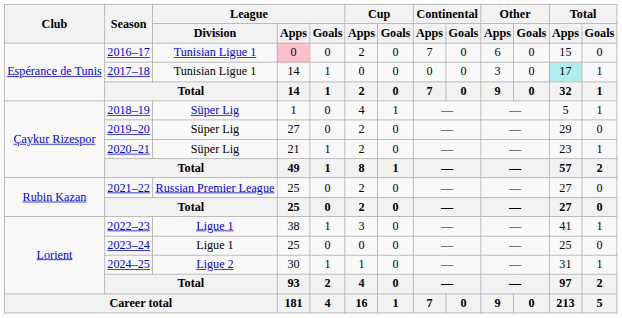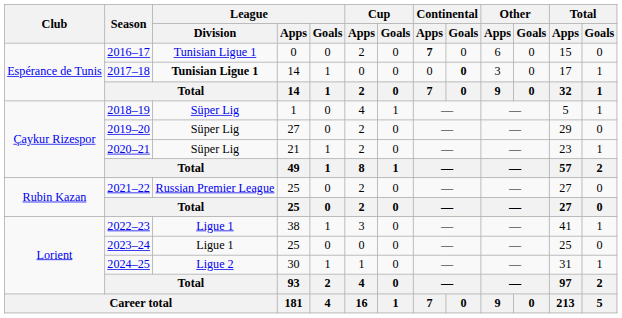 <table class="wikitable" style="text-align:center">
 <tr>
 <th rowspan="2">Club</th>
 <th rowspan="2">Season</th>
 <th colspan="3">League</th>
 <th colspan="2">Cup</th>
 <th colspan="2">Continental</th>
 <th colspan="2">Other</th>
 <th colspan="2">Total</th>
 </tr>
 <tr>
 <th>Division</th>
 <th>Apps</th>
 <th>Goals</th>
 <th>Apps</th>
 <th>Goals</th>
 <th>Apps</th>
 <th>Goals</th>
 <th>Apps</th>
 <th>Goals</th>
 <th>Apps</th>
 <th>Goals</th>
 </tr>
 <tr>
 <td rowspan="3"><a href='#'>Espérance de Tunis</a></td>
 <td><a href='#'>2016–17</a></td>
 <td><a href='#'>Tunisian Ligue 1</a></td>
-<td style="background: pink;">0</td>
+<td>0</td>
 <td>0</td>
 <td>2</td>
 <td>0</td>
-<td>7</td>
+<td><strong>7</strong></td>
 <td>0</td>
 <td>6</td>
 <td>0</td>
 <td>15</td>
 <td>0</td>
 </tr>
 <tr>
 <td><a href='#'>2017–18</a></td>
-<td>Tunisian Ligue 1</td>
+<td><strong>Tunisian Ligue 1</strong></td>
 <td>14</td>
 <td>1</td>
 <td>0</td>
 <td>0</td>
 <td>0</td>
-<td>0</td>
+<td><strong>0</strong></td>
 <td>3</td>
 <td>0</td>
-<td style="background: paleturquoise;">17</td>
+<td>17</td>
 <td>1</td>
 </tr>
 <tr>
 <th colspan="2">Total</th>
 <th>14</th>
 <th>1</th>
 <th>2</th>
 <th>0</th>
 <th>7</th>
 <th>0</th>
 <th>9</th>
 <th>0</th>
 <th>32</th>
 <th>1</th>
 </tr>
 <tr>
 <td rowspan="4"><a href='#'>Çaykur Rizespor</a></td>
 <td><a href='#'>2018–19</a></td>
 <td><a href='#'>Süper Lig</a></td>
 <td>1</td>
 <td>0</td>
 <td>4</td>
 <td>1</td>
 <td colspan="2">—</td>
 <td colspan="2">—</td>
 <td>5</td>
 <td>1</td>
 </tr>
 <tr>
 <td><a href='#'>2019–20</a></td>
 <td>Süper Lig</td>
 <td>27</td>
 <td>0</td>
 <td>2</td>
 <td>0</td>
 <td colspan="2">—</td>
 <td colspan="2">—</td>
 <td>29</td>
 <td>0</td>
 </tr>
 <tr>
 <td><a href='#'>2020–21</a></td>
 <td>Süper Lig</td>
 <td>21</td>
 <td>1</td>
 <td>2</td>
 <td>0</td>
 <td colspan="2">—</td>
 <td colspan="2">—</td>
 <td>23</td>
 <td>1</td>
 </tr>
 <tr>
 <th colspan="2">Total</th>
 <th>49</th>
 <th>1</th>
 <th>8</th>
 <th>1</th>
 <th colspan="2">—</th>
 <th colspan="2">—</th>
 <th>57</th>
 <th>2</th>
 </tr>
 <tr>
 <td rowspan="2"><a href='#'>Rubin Kazan</a></td>
 <td><a href='#'>2021–22</a></td>
 <td><a href='#'>Russian Premier League</a></td>
 <td>25</td>
 <td>0</td>
 <td>2</td>
 <td>0</td>
 <td colspan="2">—</td>
 <td colspan="2">—</td>
 <td>27</td>
 <td>0</td>
 </tr>
 <tr>
 <th colspan="2">Total</th>
 <th>25</th>
 <th>0</th>
 <th>2</th>
 <th>0</th>
 <th colspan="2">—</th>
 <th colspan="2">—</th>
 <th>27</th>
 <th>0</th>
 </tr>
 <tr>
 <td rowspan="4"><a href='#'>Lorient</a></td>
 <td><a href='#'>2022–23</a></td>
 <td><a href='#'>Ligue 1</a></td>
 <td>38</td>
 <td>1</td>
 <td>3</td>
 <td>0</td>
 <td colspan="2">—</td>
 <td colspan="2">—</td>
 <td>41</td>
 <td>1</td>
 </tr>
 <tr>
 <td><a href='#'>2023–24</a></td>
 <td>Ligue 1</td>
 <td>25</td>
 <td>0</td>
 <td>0</td>
 <td>0</td>
 <td colspan="2">—</td>
 <td colspan="2">—</td>
 <td>25</td>
 <td>0</td>
 </tr>
 <tr>
 <td><a href='#'>2024–25</a></td>
 <td><a href='#'>Ligue 2</a></td>
 <td>30</td>
 <td>1</td>
 <td>1</td>
 <td>0</td>
 <td colspan="2">—</td>
 <td colspan="2">—</td>
 <td>31</td>
 <td>1</td>
 </tr>
 <tr>
 <th colspan="2">Total</th>
 <th>93</th>
 <th>2</th>
 <th>4</th>
 <th>0</th>
 <th colspan="2">—</th>
 <th colspan="2">—</th>
 <th>97</th>
 <th>2</th>
 </tr>
 <tr>
 <th colspan="3">Career total</th>
 <th>181</th>
 <th>4</th>
 <th>16</th>
 <th>1</th>
 <th>7</th>
 <th>0</th>
 <th>9</th>
 <th>0</th>
 <th>213</th>
 <th>5</th>
 </tr>
 </table>
